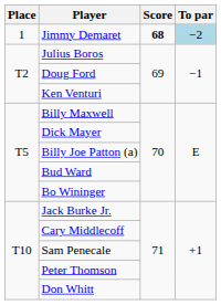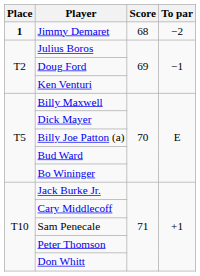 <table class=wikitable>
 <tr>
 <th>Place</th>
 <th>Player</th>
 <th>Score</th>
 <th>To par</th>
 </tr>
 <tr>
-<td align=center>1</td>
+<td align=center><strong>1</strong></td>
 <td> <a href='#'>Jimmy Demaret</a></td>
-<td align=center><strong>68</strong></td>
-<td align=center style="background: lightblue;">−2</td>
+<td align=center>68</td>
+<td align=center>−2</td>
 </tr>
 <tr>
 <td rowspan=3 align=center>T2</td>
 <td> <a href='#'>Julius Boros</a></td>
 <td rowspan=3 align=center>69</td>
 <td rowspan=3 align=center>−1</td>
 </tr>
 <tr>
 <td> <a href='#'>Doug Ford</a></td>
 </tr>
 <tr>
 <td> <a href='#'>Ken Venturi</a></td>
 </tr>
 <tr>
 <td align=center rowspan=5>T5</td>
 <td> <a href='#'>Billy Maxwell</a></td>
 <td rowspan=5 align=center>70</td>
 <td rowspan=5 align=center>E</td>
 </tr>
 <tr>
 <td> <a href='#'>Dick Mayer</a></td>
 </tr>
 <tr>
 <td> <a href='#'>Billy Joe Patton</a> (a)</td>
 </tr>
 <tr>
 <td> <a href='#'>Bud Ward</a></td>
 </tr>
 <tr>
 <td> <a href='#'>Bo Wininger</a></td>
 </tr>
 <tr>
 <td rowspan=5 align=center>T10</td>
 <td> <a href='#'>Jack Burke Jr.</a></td>
 <td rowspan=5 align=center>71</td>
 <td rowspan=5 align=center>+1</td>
 </tr>
 <tr>
 <td> <a href='#'>Cary Middlecoff</a></td>
 </tr>
 <tr>
 <td> Sam Penecale</td>
 </tr>
 <tr>
 <td> <a href='#'>Peter Thomson</a></td>
 </tr>
 <tr>
 <td> <a href='#'>Don Whitt</a></td>
 </tr>
 </table>
